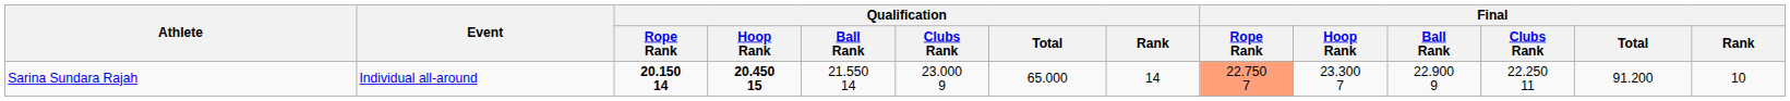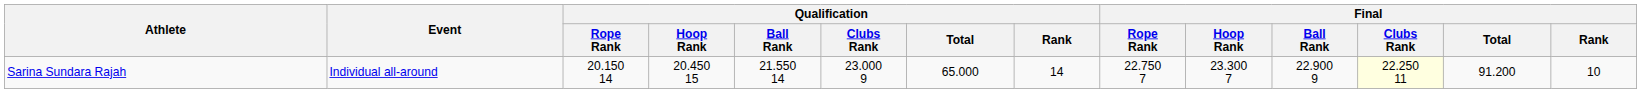 <table class="wikitable" width="98%" style="text-align:center; font-size:90%">
 <tr>
 <th rowspan=2 width="15%">Athlete</th>
 <th rowspan=2 width="11%">Event</th>
 <th colspan=6>Qualification</th>
 <th colspan=6>Final</th>
 </tr>
 <tr>
 <th width="4%"><a href='#'>Rope</a><br>Rank</th>
 <th width="4%"><a href='#'>Hoop</a><br>Rank</th>
 <th width="4%"><a href='#'>Ball</a><br>Rank</th>
 <th width="4%"><a href='#'>Clubs</a><br>Rank</th>
 <th width="5%">Total</th>
 <th width="4%">Rank</th>
 <th width="4%"><a href='#'>Rope</a><br>Rank</th>
 <th width="4%"><a href='#'>Hoop</a><br>Rank</th>
 <th width="4%"><a href='#'>Ball</a><br>Rank</th>
 <th width="4%"><a href='#'>Clubs</a><br>Rank</th>
 <th width="5%">Total</th>
 <th width="4%">Rank</th>
 </tr>
 <tr>
 <td align="left"><a href='#'>Sarina Sundara Rajah</a></td>
 <td align="left"><a href='#'>Individual all-around</a></td>
-<td><strong>20.150<br>14</strong></td>
-<td><strong>20.450<br>15</strong></td>
+<td>20.150<br>14</td>
+<td>20.450<br>15</td>
 <td>21.550<br>14</td>
 <td>23.000<br>9</td>
 <td>65.000</td>
 <td>14 <strong></strong></td>
-<td style="background: lightsalmon;">22.750<br>7</td>
+<td>22.750<br>7</td>
 <td>23.300<br>7</td>
 <td>22.900<br>9</td>
-<td>22.250<br>11</td>
+<td style="background: lightyellow;">22.250<br>11</td>
 <td>91.200</td>
 <td>10</td>
 </tr>
 </table>
